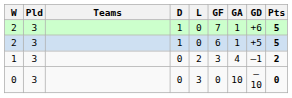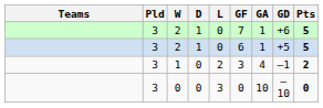 <table class="wikitable" style="text-align: center;">
 <tr>
+<th width=165>Teams</th>
+<th width=20>Pld</th>
 <th width=20>W</th>
-<th width=20>Pld</th>
-<th width=165>Teams</th>
 <th width=20>D</th>
 <th width=20>L</th>
 <th width=20>GF</th>
 <th width=20>GA</th>
 <th width=20>GD</th>
 <th width=20>Pts</th>
 </tr>
 <tr align=center style="background:#ccffcc;">
+<td style="text-align:left;"></td>
+<td>3</td>
 <td>2</td>
-<td>3</td>
-<td style="text-align:left;"></td>
 <td>1</td>
 <td>0</td>
 <td>7</td>
 <td>1</td>
 <td>+6</td>
 <td><strong>5</strong></td>
 </tr>
 <tr align=center style="background:#CEE0F2;">
+<td style="text-align:left;"></td>
+<td>3</td>
 <td>2</td>
-<td>3</td>
-<td style="text-align:left;"></td>
 <td>1</td>
 <td>0</td>
 <td>6</td>
 <td>1</td>
 <td>+5</td>
 <td><strong>5</strong></td>
 </tr>
 <tr align=center>
+<td style="text-align:left;"></td>
+<td>3</td>
 <td>1</td>
-<td>3</td>
-<td style="text-align:left;"></td>
 <td>0</td>
 <td>2</td>
 <td>3</td>
 <td>4</td>
 <td>–1</td>
 <td><strong>2</strong></td>
 </tr>
 <tr align=center>
+<td style="text-align:left;"></td>
+<td>3</td>
 <td>0</td>
-<td>3</td>
-<td style="text-align:left;"></td>
 <td>0</td>
 <td>3</td>
 <td>0</td>
 <td>10</td>
 <td>–10</td>
 <td><strong>0</strong></td>
 </tr>
 </table>
